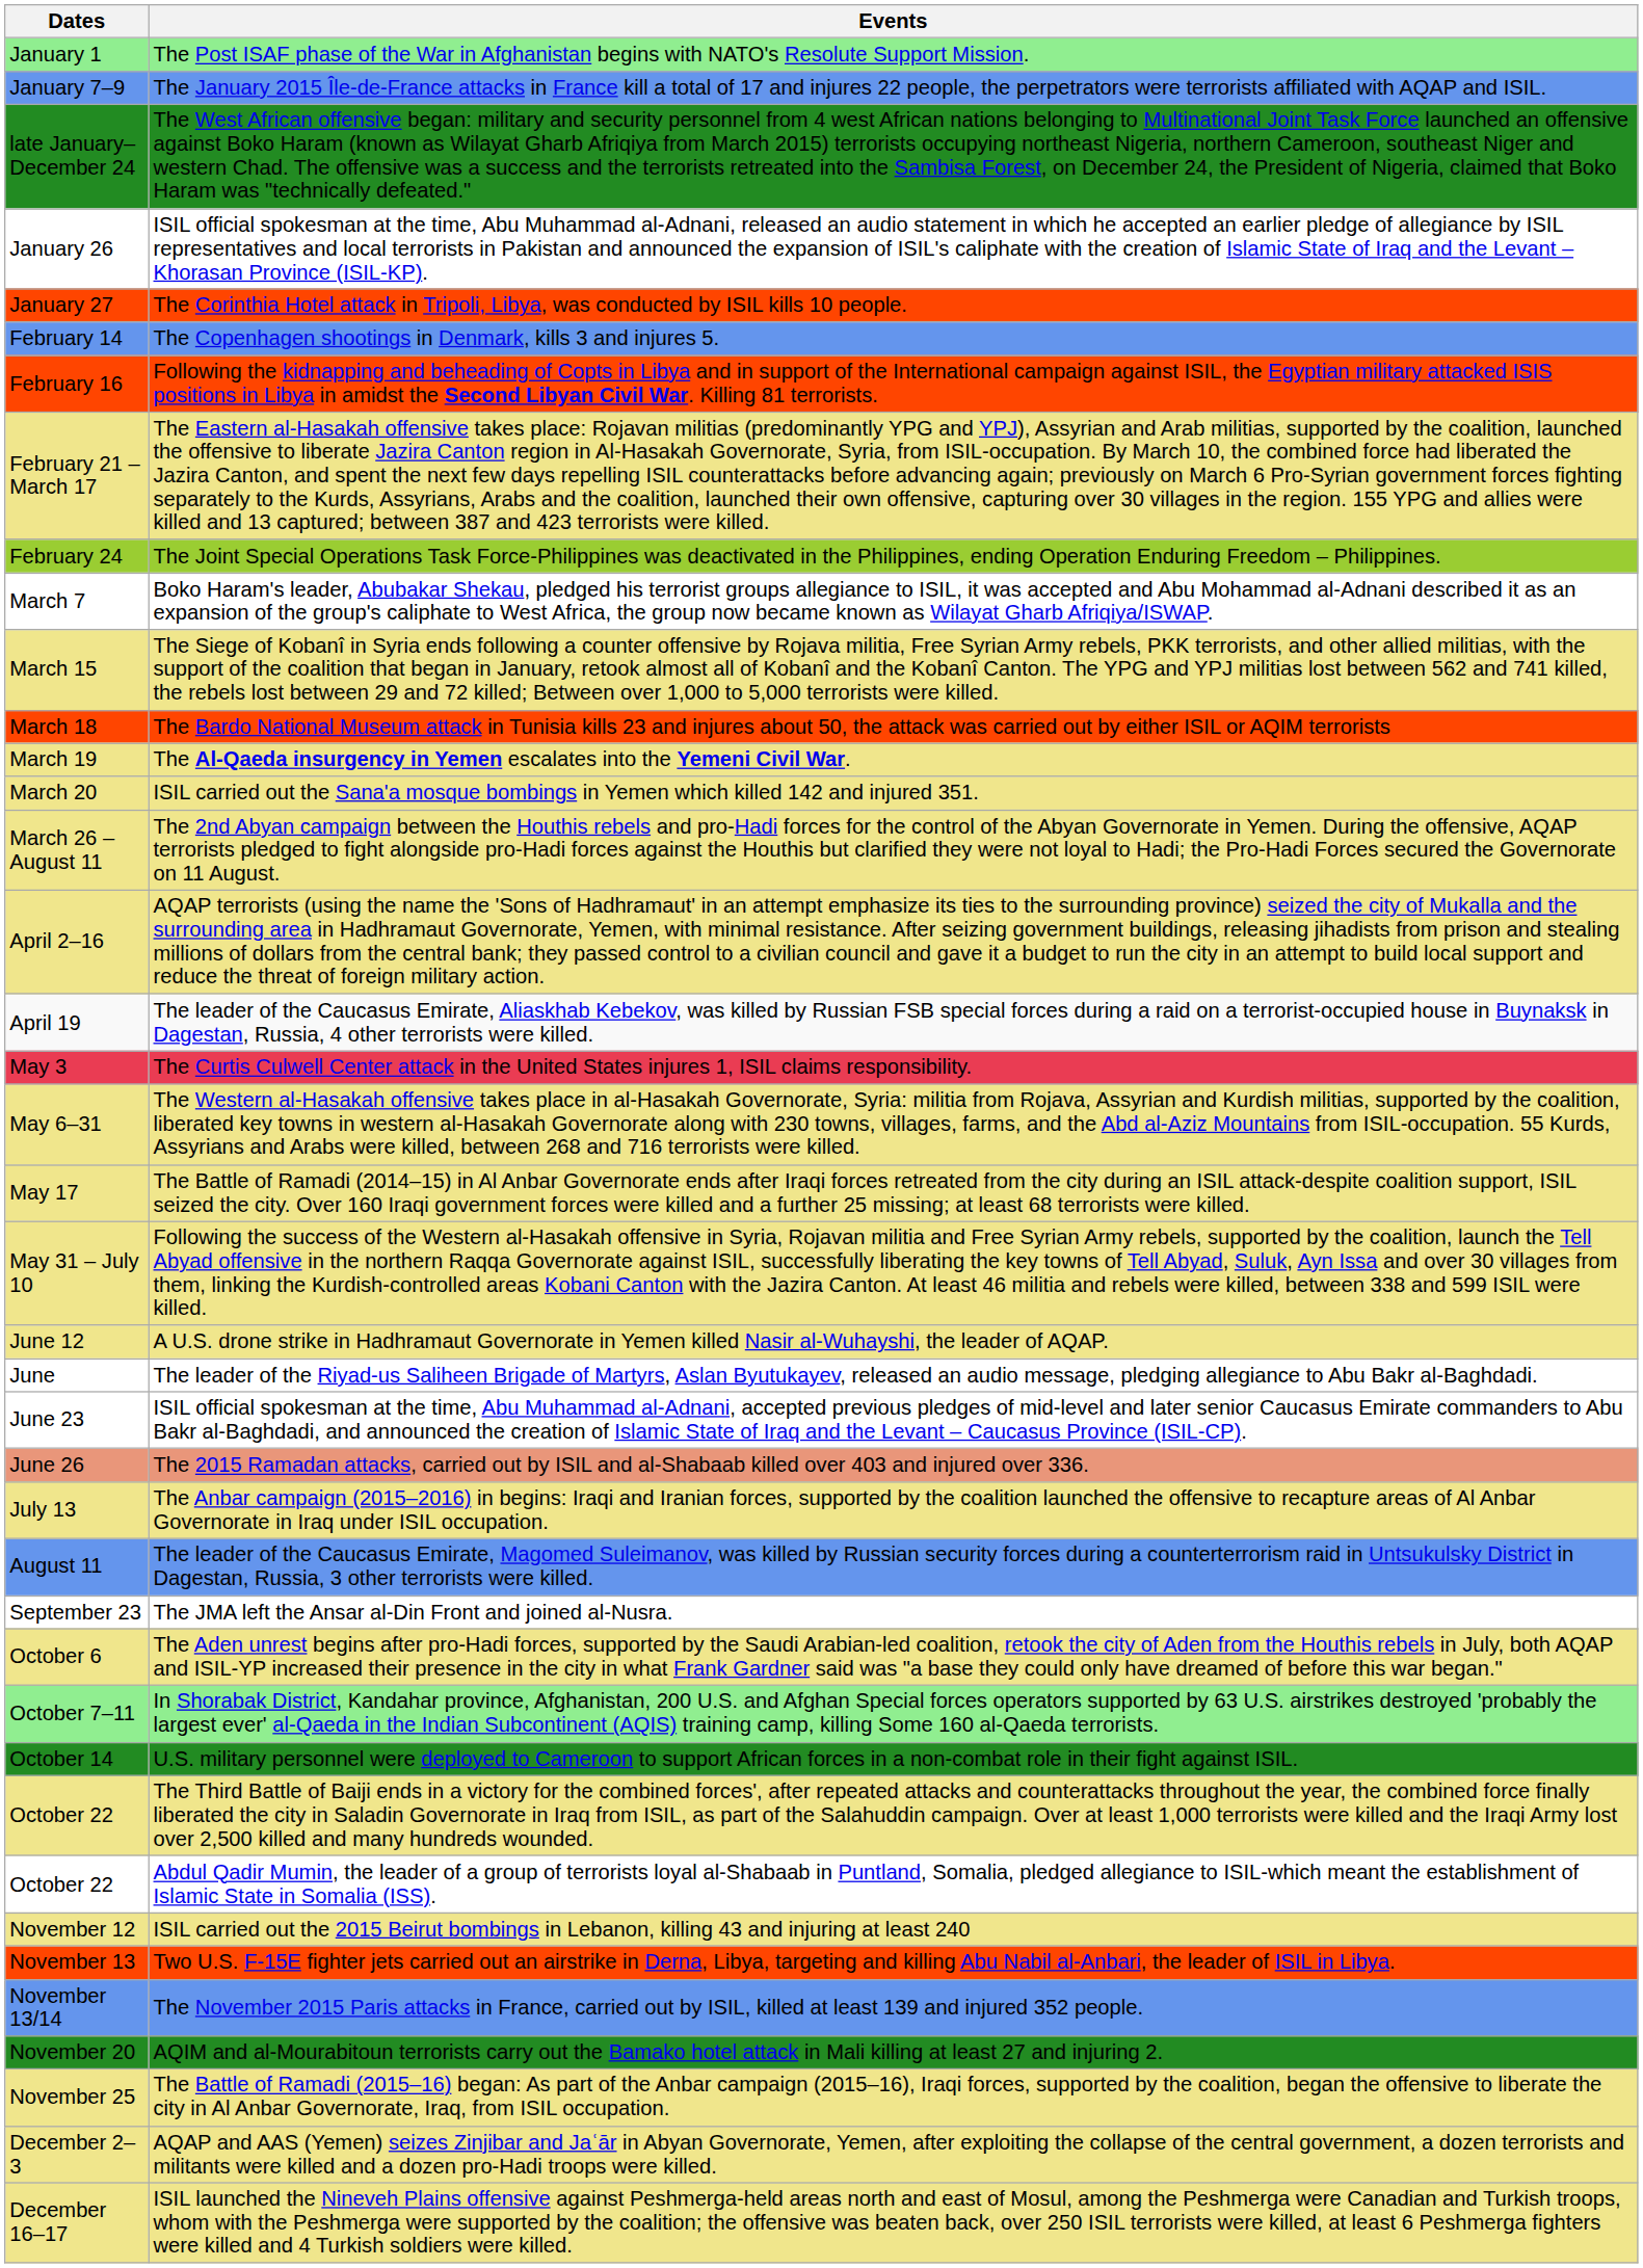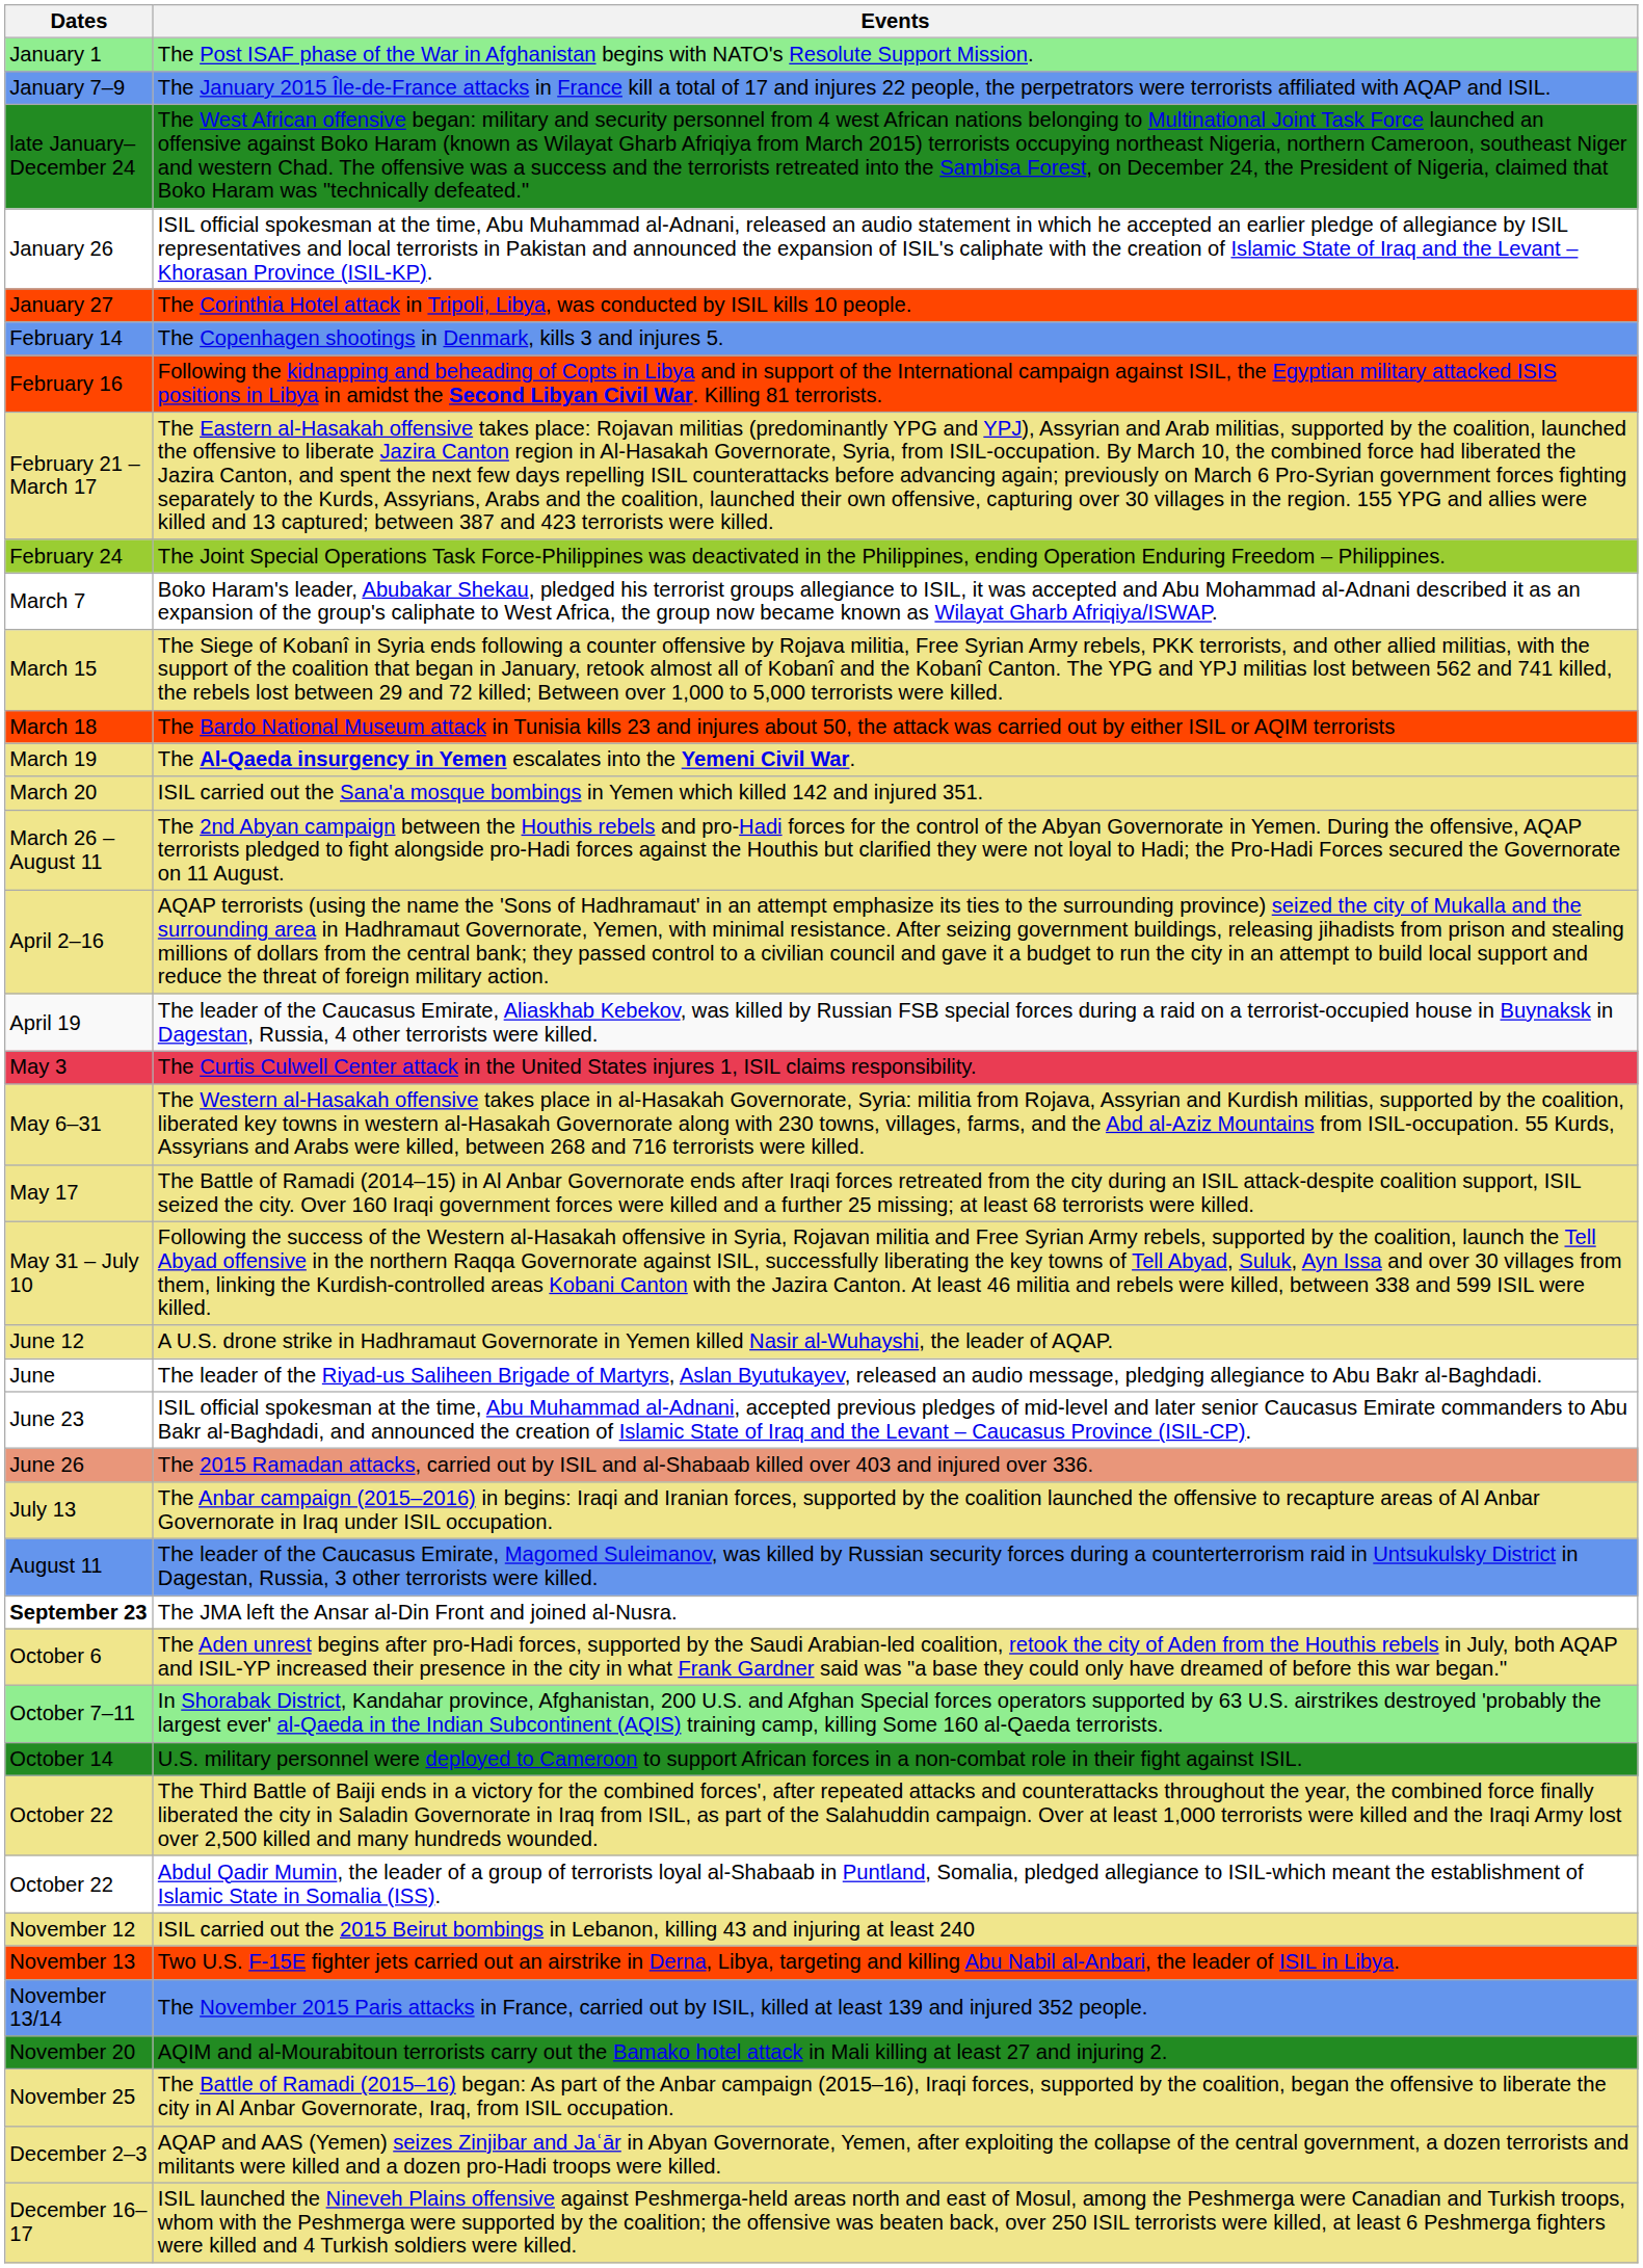 <table class="wikitable">
 <tr>
 <th>Dates</th>
 <th>Events</th>
 </tr>
 <tr style="background:lightgreen">
 <td>January 1</td>
 <td>The <a href='#'>Post ISAF phase of the War in Afghanistan</a> begins with NATO's <a href='#'>Resolute Support Mission</a>.</td>
 </tr>
 <tr style="background:cornflowerblue">
 <td>January 7–9</td>
 <td>The <a href='#'>January 2015 Île-de-France attacks</a> in <a href='#'>France</a> kill a total of 17 and injures 22 people, the perpetrators were terrorists affiliated with AQAP and ISIL.</td>
 </tr>
 <tr style="background:forestgreen">
 <td>late January–December 24</td>
 <td>The <a href='#'>West African offensive</a> began: military and security personnel from 4 west African nations belonging to <a href='#'>Multinational Joint Task Force</a> launched an offensive against Boko Haram (known as Wilayat Gharb Afriqiya from March 2015) terrorists occupying northeast Nigeria, northern Cameroon, southeast Niger and western Chad. The offensive was a success and the terrorists retreated into the <a href='#'>Sambisa Forest</a>, on December 24, the President of Nigeria, claimed that Boko Haram was "technically defeated."</td>
 </tr>
 <tr style="background:white">
 <td>January 26</td>
 <td>ISIL official spokesman at the time, Abu Muhammad al-Adnani, released an audio statement in which he accepted an earlier pledge of allegiance by ISIL representatives and local terrorists in Pakistan and announced the expansion of ISIL's caliphate with the creation of <a href='#'>Islamic State of Iraq and the Levant – Khorasan Province (ISIL-KP)</a>.</td>
 </tr>
 <tr style="background:orangered">
 <td>January 27</td>
 <td>The <a href='#'>Corinthia Hotel attack</a> in <a href='#'>Tripoli, Libya</a>, was conducted by ISIL kills 10 people.</td>
 </tr>
 <tr style="background:cornflowerblue">
 <td>February 14</td>
 <td>The <a href='#'>Copenhagen shootings</a> in <a href='#'>Denmark</a>, kills 3 and injures 5.</td>
 </tr>
 <tr style="background:orangered">
 <td>February 16</td>
 <td>Following the <a href='#'>kidnapping and beheading of Copts in Libya</a> and in support of the International campaign against ISIL, the <a href='#'>Egyptian military attacked ISIS positions in Libya</a> in amidst the <strong><a href='#'>Second Libyan Civil War</a></strong>. Killing 81 terrorists.</td>
 </tr>
 <tr style="background:khaki">
 <td>February 21 – March 17</td>
 <td>The <a href='#'>Eastern al-Hasakah offensive</a> takes place: Rojavan militias (predominantly YPG and <a href='#'>YPJ</a>), Assyrian and Arab militias, supported by the coalition, launched the offensive to liberate <a href='#'>Jazira Canton</a> region in Al-Hasakah Governorate, Syria, from ISIL-occupation. By March 10, the combined force had liberated the Jazira Canton, and spent the next few days repelling ISIL counterattacks before advancing again; previously on March 6 Pro-Syrian government forces fighting separately to the Kurds, Assyrians, Arabs and the coalition, launched their own offensive, capturing over 30 villages in the region. 155 YPG and allies were killed and 13 captured; between 387 and 423 terrorists were killed.</td>
 </tr>
 <tr style="background:yellowgreen">
 <td>February 24</td>
 <td>The Joint Special Operations Task Force-Philippines was deactivated in the Philippines, ending Operation Enduring Freedom – Philippines.</td>
 </tr>
 <tr style="background:white">
 <td>March 7</td>
 <td>Boko Haram's leader, <a href='#'>Abubakar Shekau</a>, pledged his terrorist groups allegiance to ISIL, it was accepted and Abu Mohammad al-Adnani described it as an expansion of the group's caliphate to West Africa, the group now became known as <a href='#'>Wilayat Gharb Afriqiya/ISWAP</a>.</td>
 </tr>
 <tr style="background:khaki">
 <td>March 15</td>
 <td>The Siege of Kobanî in Syria ends following a counter offensive by Rojava militia, Free Syrian Army rebels, PKK terrorists, and other allied militias, with the support of the coalition that began in January, retook almost all of Kobanî and the Kobanî Canton. The YPG and YPJ militias lost between 562 and 741 killed, the rebels lost between 29 and 72 killed; Between over 1,000 to 5,000 terrorists were killed.</td>
 </tr>
 <tr style="background:orangered">
 <td>March 18</td>
 <td>The <a href='#'>Bardo National Museum attack</a> in Tunisia kills 23 and injures about 50, the attack was carried out by either ISIL or AQIM terrorists</td>
 </tr>
 <tr style="background:khaki">
 <td>March 19</td>
 <td>The <strong><a href='#'>Al-Qaeda insurgency in Yemen</a></strong> escalates into the <strong><a href='#'>Yemeni Civil War</a></strong>.</td>
 </tr>
 <tr style="background:khaki">
 <td>March 20</td>
 <td>ISIL carried out the <a href='#'>Sana'a mosque bombings</a> in Yemen which killed 142 and injured 351.</td>
 </tr>
 <tr style="background:khaki">
 <td>March 26 – August 11</td>
 <td>The <a href='#'>2nd Abyan campaign</a> between the <a href='#'>Houthis rebels</a> and pro-<a href='#'>Hadi</a> forces for the control of the Abyan Governorate in Yemen. During the offensive, AQAP terrorists pledged to fight alongside pro-Hadi forces against the Houthis but clarified they were not loyal to Hadi; the Pro-Hadi Forces secured the Governorate on 11 August.</td>
 </tr>
 <tr style="background:khaki">
 <td>April 2–16</td>
 <td>AQAP terrorists (using the name the 'Sons of Hadhramaut' in an attempt emphasize its ties to the surrounding province) <a href='#'>seized the city of Mukalla and the surrounding area</a> in Hadhramaut Governorate, Yemen, with minimal resistance. After seizing government buildings, releasing jihadists from prison and stealing millions of dollars from the central bank; they passed control to a civilian council and gave it a budget to run the city in an attempt to build local support and reduce the threat of foreign military action.</td>
 </tr>
 <tr style="background:cornflower blue">
 <td>April 19</td>
 <td>The leader of the Caucasus Emirate, <a href='#'>Aliaskhab Kebekov</a>, was killed by Russian FSB special forces during a raid on a terrorist-occupied house in <a href='#'>Buynaksk</a> in <a href='#'>Dagestan</a>, Russia, 4 other terrorists were killed.</td>
 </tr>
 <tr style="background:#EA3C53">
 <td>May 3</td>
 <td>The <a href='#'>Curtis Culwell Center attack</a> in the United States injures 1, ISIL claims responsibility.</td>
 </tr>
 <tr style="background:khaki">
 <td>May 6–31</td>
 <td>The <a href='#'>Western al-Hasakah offensive</a> takes place in al-Hasakah Governorate, Syria: militia from Rojava, Assyrian and Kurdish militias, supported by the coalition, liberated key towns in western al-Hasakah Governorate along with 230 towns, villages, farms, and the <a href='#'>Abd al-Aziz Mountains</a> from ISIL-occupation. 55 Kurds, Assyrians and Arabs were killed, between 268 and 716 terrorists were killed.</td>
 </tr>
 <tr style="background:khaki">
 <td>May 17</td>
 <td>The Battle of Ramadi (2014–15) in Al Anbar Governorate ends after Iraqi forces retreated from the city during an ISIL attack-despite coalition support, ISIL seized the city. Over 160 Iraqi government forces were killed and a further 25 missing; at least 68 terrorists were killed.</td>
 </tr>
 <tr style="background:khaki">
 <td>May 31 – July 10</td>
 <td>Following the success of the Western al-Hasakah offensive in Syria, Rojavan militia and Free Syrian Army rebels, supported by the coalition, launch the <a href='#'>Tell Abyad offensive</a> in the northern Raqqa Governorate against ISIL, successfully liberating the key towns of <a href='#'>Tell Abyad</a>, <a href='#'>Suluk</a>, <a href='#'>Ayn Issa</a> and over 30 villages from them, linking the Kurdish-controlled areas <a href='#'>Kobani Canton</a> with the Jazira Canton. At least 46 militia and rebels were killed, between 338 and 599 ISIL were killed.</td>
 </tr>
 <tr style="background:khaki">
 <td>June 12</td>
 <td>A U.S. drone strike in Hadhramaut Governorate in Yemen killed <a href='#'>Nasir al-Wuhayshi</a>, the leader of AQAP.</td>
 </tr>
 <tr style="background:white">
 <td>June</td>
 <td>The leader of the <a href='#'>Riyad-us Saliheen Brigade of Martyrs</a>, <a href='#'>Aslan Byutukayev</a>, released an audio message, pledging allegiance to Abu Bakr al-Baghdadi.</td>
 </tr>
 <tr style="background:white">
 <td>June 23</td>
 <td>ISIL official spokesman at the time, <a href='#'>Abu Muhammad al-Adnani</a>, accepted previous pledges of mid-level and later senior Caucasus Emirate commanders to Abu Bakr al-Baghdadi, and announced the creation of <a href='#'>Islamic State of Iraq and the Levant – Caucasus Province (ISIL-CP)</a>.</td>
 </tr>
 <tr style="background:darksalmon">
 <td>June 26</td>
 <td>The <a href='#'>2015 Ramadan attacks</a>, carried out by ISIL and al-Shabaab killed over 403 and injured over 336.</td>
 </tr>
 <tr style="background:khaki">
 <td>July 13</td>
 <td>The <a href='#'>Anbar campaign (2015–2016)</a> in begins: Iraqi and Iranian forces, supported by the coalition launched the offensive to recapture areas of Al Anbar Governorate in Iraq under ISIL occupation.</td>
 </tr>
 <tr style="background:cornflowerblue">
 <td>August 11</td>
 <td>The leader of the Caucasus Emirate, <a href='#'>Magomed Suleimanov</a>, was killed by Russian security forces during a counterterrorism raid in <a href='#'>Untsukulsky District</a> in Dagestan, Russia, 3 other terrorists were killed.</td>
 </tr>
 <tr style="background:white">
-<td>September 23</td>
+<td><strong>September 23</strong></td>
 <td>The JMA left the Ansar al-Din Front and joined al-Nusra.</td>
 </tr>
 <tr style="background:khaki">
 <td>October 6</td>
 <td>The <a href='#'>Aden unrest</a> begins after pro-Hadi forces, supported by the Saudi Arabian-led coalition, <a href='#'>retook the city of Aden from the Houthis rebels</a> in July, both AQAP and ISIL-YP increased their presence in the city in what <a href='#'>Frank Gardner</a> said was "a base they could only have dreamed of before this war began."</td>
 </tr>
 <tr style="background:lightgreen">
 <td>October 7–11</td>
 <td>In <a href='#'>Shorabak District</a>, Kandahar province, Afghanistan, 200 U.S. and Afghan Special forces operators supported by 63 U.S. airstrikes destroyed 'probably the largest ever' <a href='#'>al-Qaeda in the Indian Subcontinent (AQIS)</a> training camp, killing Some 160 al-Qaeda terrorists.</td>
 </tr>
 <tr style="background:forestgreen">
 <td>October 14</td>
 <td>U.S. military personnel were <a href='#'>deployed to Cameroon</a> to support African forces in a non-combat role in their fight against ISIL.</td>
 </tr>
 <tr style="background:khaki">
 <td>October 22</td>
 <td>The Third Battle of Baiji ends in a victory for the combined forces', after repeated attacks and counterattacks throughout the year, the combined force finally liberated the city in Saladin Governorate in Iraq from ISIL, as part of the Salahuddin campaign. Over at least 1,000 terrorists were killed and the Iraqi Army lost over 2,500 killed and many hundreds wounded.</td>
 </tr>
 <tr style="background:white">
 <td>October 22</td>
 <td><a href='#'>Abdul Qadir Mumin</a>, the leader of a group of terrorists loyal al-Shabaab in <a href='#'>Puntland</a>, Somalia, pledged allegiance to ISIL-which meant the establishment of <a href='#'>Islamic State in Somalia (ISS)</a>.</td>
 </tr>
 <tr style="background:khaki">
 <td>November 12</td>
 <td>ISIL carried out the <a href='#'>2015 Beirut bombings</a> in Lebanon, killing 43 and injuring at least 240</td>
 </tr>
 <tr style="background:orangered">
 <td>November 13</td>
 <td>Two U.S. <a href='#'>F-15E</a> fighter jets carried out an airstrike in <a href='#'>Derna</a>, Libya, targeting and killing <a href='#'>Abu Nabil al-Anbari</a>, the leader of <a href='#'>ISIL in Libya</a>.</td>
 </tr>
 <tr style="background:cornflowerblue">
 <td>November 13/14</td>
 <td>The <a href='#'>November 2015 Paris attacks</a> in France, carried out by ISIL, killed at least 139 and injured 352 people.</td>
 </tr>
 <tr style="background:forestgreen">
 <td>November 20</td>
 <td>AQIM and al-Mourabitoun terrorists carry out the <a href='#'>Bamako hotel attack</a> in Mali killing at least 27 and injuring 2.</td>
 </tr>
 <tr style="background:khaki">
 <td>November 25</td>
 <td>The <a href='#'>Battle of Ramadi (2015–16)</a> began: As part of the Anbar campaign (2015–16), Iraqi forces, supported by the coalition, began the offensive to liberate the city in Al Anbar Governorate, Iraq, from ISIL occupation.</td>
 </tr>
 <tr style="background:khaki">
 <td>December 2–3</td>
 <td>AQAP and AAS (Yemen) <a href='#'>seizes Zinjibar and Jaʿār</a> in Abyan Governorate, Yemen, after exploiting the collapse of the central government, a dozen terrorists and militants were killed and a dozen pro-Hadi troops were killed.</td>
 </tr>
 <tr style="background:khaki">
 <td>December 16–17</td>
 <td>ISIL launched the <a href='#'>Nineveh Plains offensive</a> against Peshmerga-held areas north and east of Mosul, among the Peshmerga were Canadian and Turkish troops, whom with the Peshmerga were supported by the coalition; the offensive was beaten back, over 250 ISIL terrorists were killed, at least 6 Peshmerga fighters were killed and 4 Turkish soldiers were killed.</td>
 </tr>
 </table>
